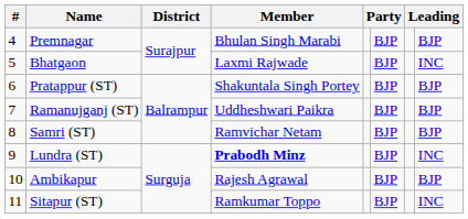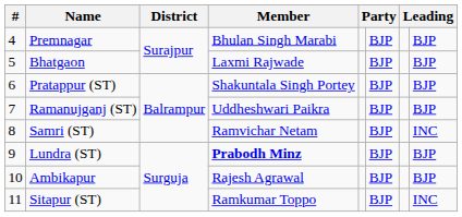 <table class="wikitable">
 <tr>
 <th>#</th>
 <th>Name</th>
 <th>District</th>
 <th>Member</th>
 <th colspan="2">Party</th>
 <th colspan="2">Leading<br></th>
 </tr>
 <tr>
 <td>4</td>
 <td><a href='#'>Premnagar</a></td>
 <td rowspan="2"><a href='#'>Surajpur</a></td>
 <td><a href='#'>Bhulan Singh Marabi</a></td>
 <td style="background-color: "></td>
 <td><a href='#'>BJP</a></td>
 <td style="background-color: "></td>
 <td><a href='#'>BJP</a></td>
 </tr>
 <tr>
 <td>5</td>
 <td><a href='#'>Bhatgaon</a></td>
 <td><a href='#'>Laxmi Rajwade</a></td>
 <td style="background-color: "></td>
 <td><a href='#'>BJP</a></td>
 <td style="background-color: "></td>
-<td><a href='#'>INC</a></td>
+<td><a href='#'>BJP</a></td>
 </tr>
 <tr>
 <td>6</td>
 <td><a href='#'>Pratappur</a> (ST)</td>
 <td rowspan="3"><a href='#'>Balrampur</a></td>
 <td><a href='#'>Shakuntala Singh Portey</a></td>
 <td style="background-color: "></td>
 <td><a href='#'>BJP</a></td>
 <td style="background-color: "></td>
 <td><a href='#'>BJP</a></td>
 </tr>
 <tr>
 <td>7</td>
 <td><a href='#'>Ramanujganj</a> (ST)</td>
 <td><a href='#'>Uddheshwari Paikra</a></td>
 <td style="background-color: "></td>
 <td><a href='#'>BJP</a></td>
 <td style="background-color: "></td>
 <td><a href='#'>BJP</a></td>
 </tr>
 <tr>
 <td>8</td>
 <td><a href='#'>Samri</a> (ST)</td>
 <td><a href='#'>Ramvichar Netam</a></td>
 <td style="background-color: "></td>
 <td><a href='#'>BJP</a></td>
 <td style="background-color: "></td>
-<td><a href='#'>BJP</a></td>
+<td><a href='#'>INC</a></td>
 </tr>
 <tr>
 <td>9</td>
 <td><a href='#'>Lundra</a> (ST)</td>
 <td rowspan="3"><a href='#'>Surguja</a></td>
 <td><strong><a href='#'>Prabodh Minz</a></strong></td>
 <td style="background-color: "></td>
 <td><a href='#'>BJP</a></td>
 <td style="background-color: "></td>
-<td><a href='#'>INC</a></td>
+<td><a href='#'>BJP</a></td>
 </tr>
 <tr>
 <td>10</td>
 <td><a href='#'>Ambikapur</a></td>
 <td><a href='#'>Rajesh Agrawal</a></td>
 <td style="background-color: "></td>
 <td><a href='#'>BJP</a></td>
 <td style="background-color: "></td>
 <td><a href='#'>BJP</a></td>
 </tr>
 <tr>
 <td>11</td>
 <td><a href='#'>Sitapur</a> (ST)</td>
 <td><a href='#'>Ramkumar Toppo</a></td>
 <td style="background-color: "></td>
 <td><a href='#'>BJP</a></td>
 <td style="background-color: "></td>
 <td><a href='#'>INC</a></td>
 </tr>
 </table>
